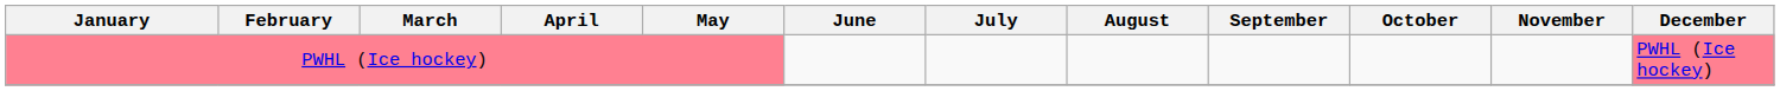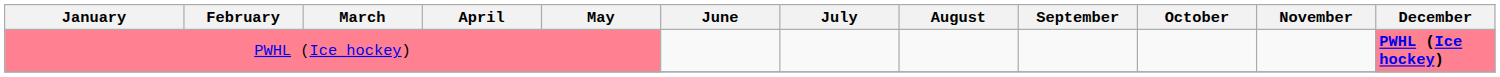 <table class = "wikitable" width = 100%>
 <tr>
 <th width=0%>January</th>
 <th width=8%>February</th>
 <th width=8%>March</th>
 <th width=8%>April</th>
 <th width=8%>May</th>
 <th width=8%>June</th>
 <th width=8%>July</th>
 <th width=8%>August</th>
 <th width=8%>September</th>
 <th width=8%>October</th>
 <th width=8%>November</th>
 <th width=8%>December</th>
 </tr>
 <tr>
 <td colspan=5 style="background:#FF8091; text-align:center"><a href='#'>PWHL</a> (<a href='#'>Ice hockey</a>)</td>
 <td></td>
 <td></td>
 <td></td>
 <td></td>
 <td></td>
 <td></td>
-<td style="background:#FF8091;"><a href='#'>PWHL</a> (<a href='#'>Ice hockey</a>)</td>
+<td style="background:#FF8091;"><strong><a href='#'>PWHL</a> (<a href='#'>Ice hockey</a>)</strong></td>
 </tr>
 <tr>
 </tr>
 </table>
